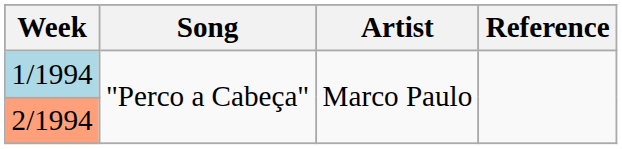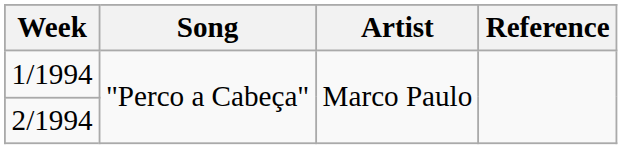 <table class="wikitable" style="text-align:center">
 <tr>
 <th>Week</th>
 <th>Song</th>
 <th>Artist</th>
 <th>Reference</th>
 </tr>
 <tr>
-<td style="background: lightblue;">1/1994</td>
+<td>1/1994</td>
 <td rowspan="2">"Perco a Cabeça"</td>
 <td rowspan="2">Marco Paulo</td>
 <td rowspan="2"></td>
 </tr>
 <tr>
-<td style="background: lightsalmon;">2/1994</td>
+<td>2/1994</td>
 </tr>
 </table>
